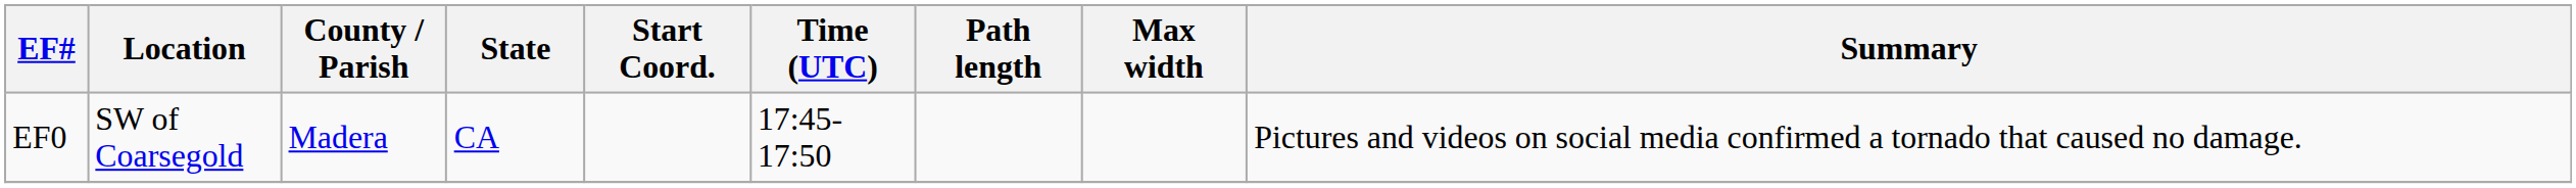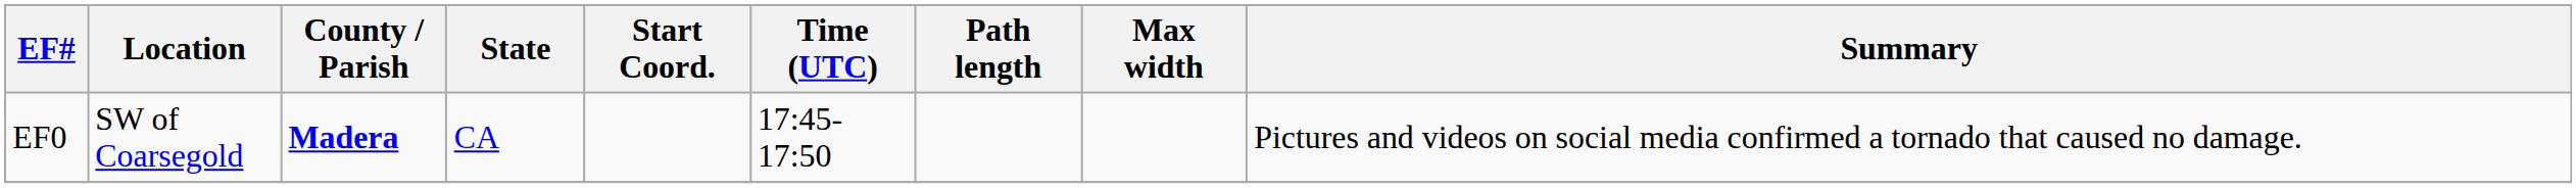 <table class="wikitable sortable" style="width:100%;">
 <tr>
 <th scope="col"  style="width:3%; text-align:center;"><a href='#'>EF#</a></th>
 <th scope="col"  style="width:7%; text-align:center;" class="unsortable">Location</th>
 <th scope="col"  style="width:6%; text-align:center;" class="unsortable">County / Parish</th>
 <th scope="col"  style="width:5%; text-align:center;">State</th>
 <th scope="col"  style="width:6%; text-align:center;">Start Coord.</th>
 <th scope="col"  style="width:6%; text-align:center;">Time (<a href='#'>UTC</a>)</th>
 <th scope="col"  style="width:6%; text-align:center;">Path length</th>
 <th scope="col"  style="width:6%; text-align:center;">Max width</th>
 <th scope="col" class="unsortable" style="width:48%; text-align:center;">Summary</th>
 </tr>
 <tr>
 <td bgcolor=>EF0</td>
 <td>SW of <a href='#'>Coarsegold</a></td>
-<td><a href='#'>Madera</a></td>
+<td><strong><a href='#'>Madera</a></strong></td>
 <td><a href='#'>CA</a></td>
 <td></td>
 <td>17:45-17:50</td>
 <td></td>
 <td></td>
 <td>Pictures and videos on social media confirmed a tornado that caused no damage.</td>
 </tr>
 <tr>
 </tr>
 </table>
